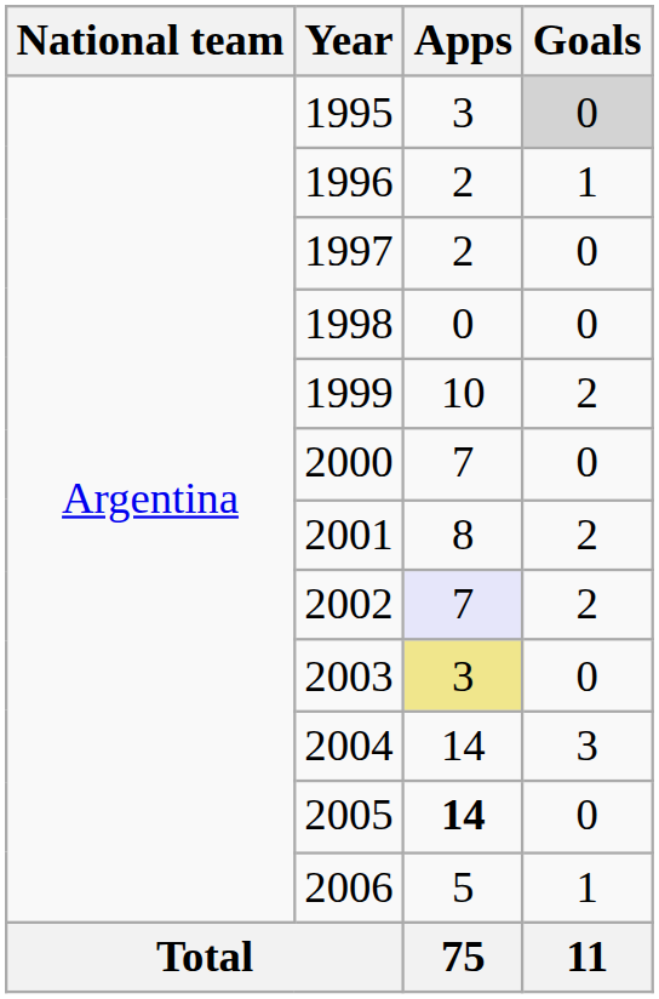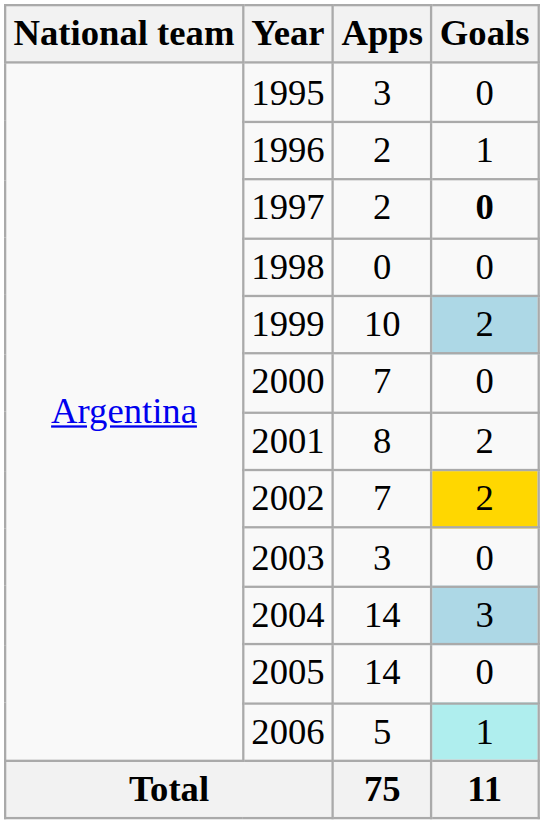 <table class="wikitable" style="text-align:center">
 <tr>
 <th>National team</th>
 <th>Year</th>
 <th>Apps</th>
 <th>Goals</th>
 </tr>
 <tr>
 <td rowspan="12"><a href='#'>Argentina</a></td>
 <td>1995</td>
 <td>3</td>
-<td style="background: lightgrey;">0</td>
+<td>0</td>
 </tr>
 <tr>
 <td>1996</td>
 <td>2</td>
 <td>1</td>
 </tr>
 <tr>
 <td>1997</td>
 <td>2</td>
-<td>0</td>
+<td><strong>0</strong></td>
 </tr>
 <tr>
 <td>1998</td>
 <td>0</td>
 <td>0</td>
 </tr>
 <tr>
 <td>1999</td>
 <td>10</td>
-<td>2</td>
+<td style="background: lightblue;">2</td>
 </tr>
 <tr>
 <td>2000</td>
 <td>7</td>
 <td>0</td>
 </tr>
 <tr>
 <td>2001</td>
 <td>8</td>
 <td>2</td>
 </tr>
 <tr>
 <td>2002</td>
-<td style="background: lavender;">7</td>
-<td>2</td>
+<td>7</td>
+<td style="background: gold;">2</td>
 </tr>
 <tr>
 <td>2003</td>
-<td style="background: khaki;">3</td>
+<td>3</td>
 <td>0</td>
 </tr>
 <tr>
 <td>2004</td>
 <td>14</td>
-<td>3</td>
+<td style="background: lightblue;">3</td>
 </tr>
 <tr>
 <td>2005</td>
-<td><strong>14</strong></td>
+<td>14</td>
 <td>0</td>
 </tr>
 <tr>
 <td>2006</td>
 <td>5</td>
-<td>1</td>
+<td style="background: paleturquoise;">1</td>
 </tr>
 <tr>
 <th colspan="2">Total</th>
 <th>75</th>
 <th>11</th>
 </tr>
 </table>
